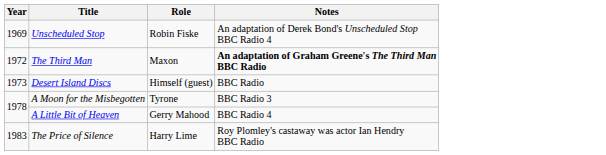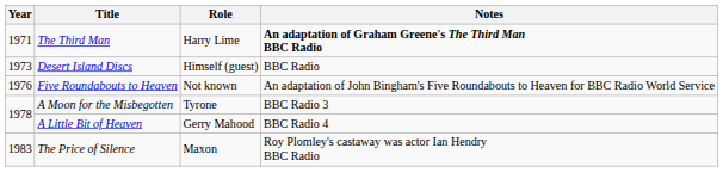 <table class="wikitable sortable">
 <tr>
 <th>Year</th>
 <th>Title</th>
 <th>Role</th>
 <th class="unsortable">Notes</th>
 </tr>
 <tr>
-<td>1969</td>
-<td><em><a href='#'>Unscheduled Stop</a></em></td>
-<td>Robin Fiske</td>
-<td>An adaptation of Derek Bond's <em>Unscheduled Stop</em><br>BBC Radio 4</td>
-</tr>
-<tr>
-<td>1972</td>
+<td>1971</td>
 <td><em><a href='#'>The Third Man</a></em></td>
-<td>Maxon</td>
+<td>Harry Lime</td>
 <td><strong>An adaptation of Graham Greene's <em>The Third Man</em><br>BBC Radio</strong></td>
 </tr>
 <tr>
 <td>1973</td>
 <td><em><a href='#'>Desert Island Discs</a></em></td>
 <td>Himself (guest)</td>
 <td>BBC Radio</td>
+</tr>
+<tr>
+<td>1976</td>
+<td><em><a href='#'>Five Roundabouts to Heaven</a></em></td>
+<td>Not known</td>
+<td>An adaptation of John Bingham's Five Roundabouts to Heaven for BBC Radio World Service</td>
 </tr>
 <tr>
 <td rowspan="2">1978</td>
 <td><em>A Moon for the Misbegotten</em></td>
 <td>Tyrone</td>
 <td>BBC Radio 3</td>
 </tr>
 <tr>
 <td><em><a href='#'>A Little Bit of Heaven</a></em></td>
 <td>Gerry Mahood</td>
 <td>BBC Radio 4</td>
 </tr>
 <tr>
 <td>1983</td>
 <td><em>The Price of Silence</em></td>
-<td>Harry Lime</td>
+<td>Maxon</td>
 <td>Roy Plomley's castaway was actor Ian Hendry<br>BBC Radio</td>
 </tr>
 </table>
